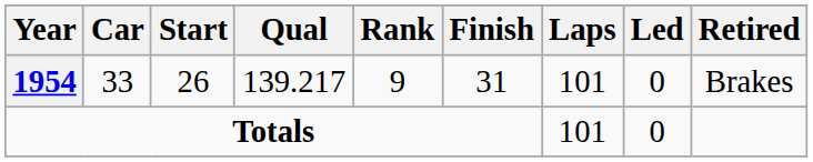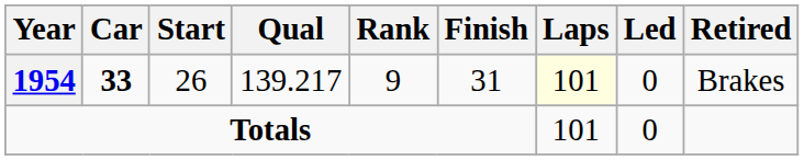 <table class="wikitable" style="text-align:center">
 <tr>
 <th>Year</th>
 <th>Car</th>
 <th>Start</th>
 <th>Qual</th>
 <th>Rank</th>
 <th>Finish</th>
 <th>Laps</th>
 <th>Led</th>
 <th>Retired</th>
 </tr>
 <tr>
 <th><a href='#'>1954</a></th>
-<td>33</td>
+<td><strong>33</strong></td>
 <td>26</td>
 <td>139.217</td>
 <td>9</td>
 <td>31</td>
-<td>101</td>
+<td style="background: lightyellow;">101</td>
 <td>0</td>
 <td>Brakes</td>
 </tr>
 <tr>
 <td colspan=6><strong>Totals</strong></td>
 <td>101</td>
 <td>0</td>
 <td></td>
 </tr>
 </table>
